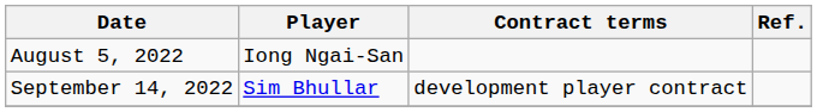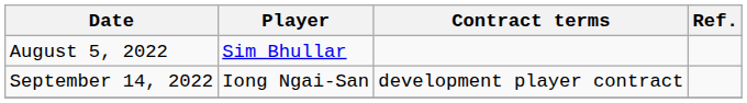 <table class="wikitable">
 <tr>
 <th>Date</th>
 <th>Player</th>
 <th>Contract terms</th>
 <th>Ref.</th>
 </tr>
 <tr>
 <td>August 5, 2022</td>
-<td>Iong Ngai-San</td>
+<td><a href='#'>Sim Bhullar</a></td>
 <td></td>
 <td></td>
 </tr>
 <tr>
 <td>September 14, 2022</td>
-<td><a href='#'>Sim Bhullar</a></td>
+<td>Iong Ngai-San</td>
 <td>development player contract</td>
 <td></td>
 </tr>
 <tr>
 </tr>
 </table>
